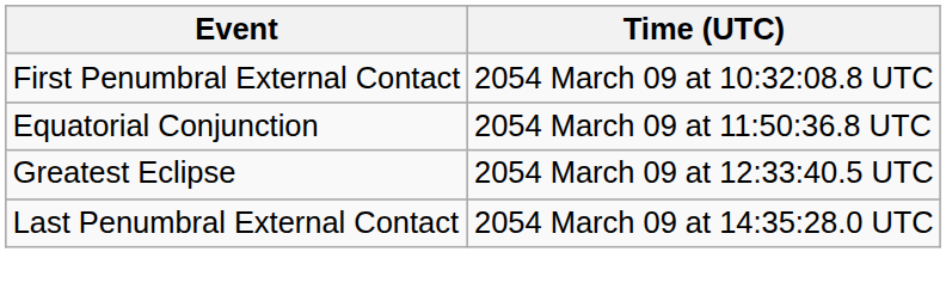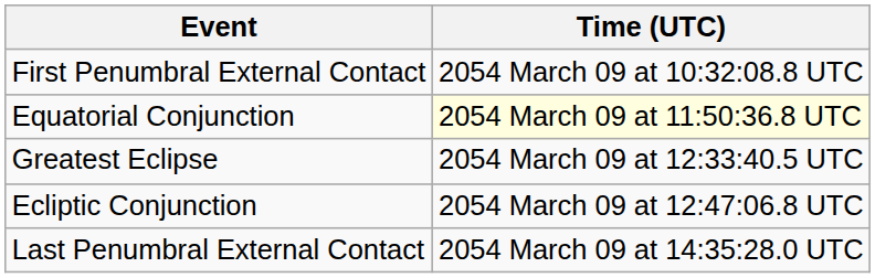 <table class="wikitable">
 <tr>
 <th>Event</th>
 <th>Time (UTC)</th>
 </tr>
 <tr>
 <td>First Penumbral External Contact</td>
 <td>2054 March 09 at 10:32:08.8 UTC</td>
 </tr>
 <tr>
 <td>Equatorial Conjunction</td>
-<td>2054 March 09 at 11:50:36.8 UTC</td>
+<td style="background: lightyellow;">2054 March 09 at 11:50:36.8 UTC</td>
 </tr>
 <tr>
 <td>Greatest Eclipse</td>
 <td>2054 March 09 at 12:33:40.5 UTC</td>
 </tr>
 <tr>
+<td>Ecliptic Conjunction</td>
+<td>2054 March 09 at 12:47:06.8 UTC</td>
+</tr>
+<tr>
 <td>Last Penumbral External Contact</td>
 <td>2054 March 09 at 14:35:28.0 UTC</td>
 </tr>
 </table>
